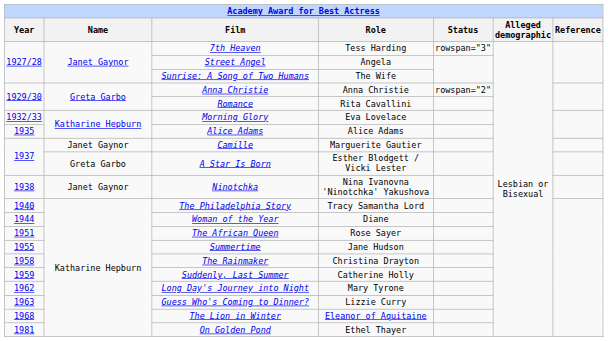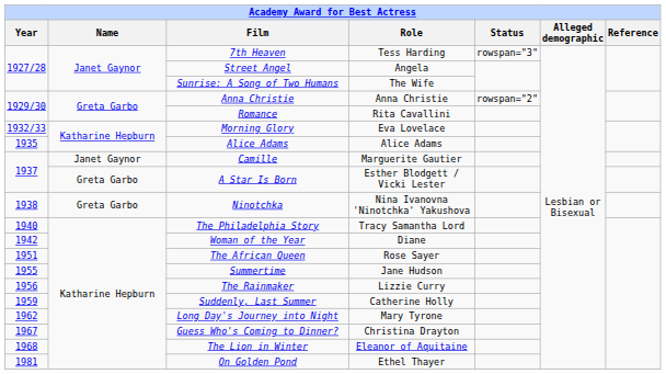 <table class="wikitable" style="text-align: center">
 <tr style="background:#bfd7ff;">
 <td colspan="7" style="text-align:center;"><strong><a href='#'>Academy Award for Best Actress</a></strong></td>
 </tr>
 <tr style="background:#ebf5ff;">
 <th style="width:050px;">Year</th>
 <th style="width:160px;">Name</th>
 <th style="width:250px;">Film</th>
 <th style="width:170px;">Role</th>
 <th style="width:080px;">Status</th>
 <th style="width:080px;">Alleged demographic</th>
 <th style="width:020px;">Reference</th>
 </tr>
 <tr>
 <td rowspan="3"><a href='#'>1927/28</a></td>
 <td rowspan="3"><a href='#'>Janet Gaynor</a></td>
 <td><em><a href='#'>7th Heaven</a></em></td>
 <td>Tess Harding</td>
 <td>rowspan="3" </td>
 <td rowspan="20">Lesbian or Bisexual</td>
 <td rowspan="3"></td>
 </tr>
 <tr>
 <td><em><a href='#'>Street Angel</a></em></td>
 <td>Angela</td>
 </tr>
 <tr>
 <td><em><a href='#'>Sunrise: A Song of Two Humans</a></em></td>
 <td>The Wife</td>
 </tr>
 <tr>
 <td rowspan="2"><a href='#'>1929/30</a></td>
 <td rowspan="2"><a href='#'>Greta Garbo</a></td>
 <td><em><a href='#'>Anna Christie</a></em></td>
 <td>Anna Christie</td>
 <td>rowspan="2" </td>
 <td rowspan="2"><br></td>
 </tr>
 <tr>
 <td><em><a href='#'>Romance</a></em></td>
 <td>Rita Cavallini</td>
 </tr>
 <tr>
 <td><a href='#'>1932/33</a></td>
 <td rowspan="2"><a href='#'>Katharine Hepburn</a></td>
 <td><em><a href='#'>Morning Glory</a></em></td>
 <td>Eva Lovelace</td>
 <td></td>
 <td rowspan="2"></td>
 </tr>
 <tr>
 <td><a href='#'>1935</a></td>
 <td><em><a href='#'>Alice Adams</a></em></td>
 <td>Alice Adams</td>
 <td></td>
 </tr>
 <tr>
 <td rowspan="2"><a href='#'>1937</a></td>
 <td>Janet Gaynor</td>
 <td><em><a href='#'>Camille</a></em></td>
 <td>Marguerite Gautier</td>
 <td></td>
 <td><br></td>
 </tr>
 <tr>
 <td>Greta Garbo</td>
 <td><em><a href='#'>A Star Is Born</a></em></td>
 <td>Esther Blodgett /<br>Vicki Lester</td>
 <td></td>
 <td></td>
 </tr>
 <tr>
 <td><a href='#'>1938</a></td>
-<td>Janet Gaynor</td>
+<td>Greta Garbo</td>
 <td><em><a href='#'>Ninotchka</a></em></td>
 <td>Nina Ivanovna 'Ninotchka' Yakushova</td>
 <td></td>
 <td><br></td>
 </tr>
 <tr>
 <td><a href='#'>1940</a></td>
 <td rowspan="10">Katharine Hepburn</td>
 <td><em><a href='#'>The Philadelphia Story</a></em></td>
 <td>Tracy Samantha Lord</td>
 <td></td>
 <td rowspan="10"></td>
 </tr>
 <tr>
-<td><a href='#'>1944</a></td>
+<td><a href='#'>1942</a></td>
 <td><em><a href='#'>Woman of the Year</a></em></td>
 <td>Diane</td>
 <td></td>
 </tr>
 <tr>
 <td><a href='#'>1951</a></td>
 <td><em><a href='#'>The African Queen</a></em></td>
 <td>Rose Sayer</td>
 <td></td>
 </tr>
 <tr>
 <td><a href='#'>1955</a></td>
 <td><em><a href='#'>Summertime</a></em></td>
 <td>Jane Hudson</td>
 <td></td>
 </tr>
 <tr>
-<td><a href='#'>1958</a></td>
+<td><a href='#'>1956</a></td>
 <td><em><a href='#'>The Rainmaker</a></em></td>
-<td>Christina Drayton</td>
+<td>Lizzie Curry</td>
 <td></td>
 </tr>
 <tr>
 <td><a href='#'>1959</a></td>
 <td><em><a href='#'>Suddenly, Last Summer</a></em></td>
 <td>Catherine Holly</td>
 <td></td>
 </tr>
 <tr>
 <td><a href='#'>1962</a></td>
 <td><em><a href='#'>Long Day's Journey into Night</a></em></td>
 <td>Mary Tyrone</td>
 <td></td>
 </tr>
 <tr>
-<td><a href='#'>1963</a></td>
+<td><a href='#'>1967</a></td>
 <td><em><a href='#'>Guess Who's Coming to Dinner?</a></em></td>
-<td>Lizzie Curry</td>
+<td>Christina Drayton</td>
 <td></td>
 </tr>
 <tr>
 <td><a href='#'>1968</a></td>
 <td><em><a href='#'>The Lion in Winter</a></em></td>
 <td><a href='#'>Eleanor of Aquitaine</a></td>
 <td></td>
 </tr>
 <tr>
 <td><a href='#'>1981</a></td>
 <td><em><a href='#'>On Golden Pond</a></em></td>
 <td>Ethel Thayer</td>
 <td></td>
 </tr>
 </table>
